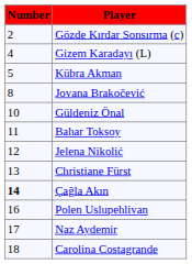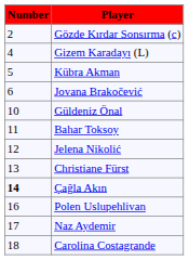 <table bgcolor="#f7f8ff" cellpadding="3" cellspacing="0" border="1" style="font-size: 95%; border: gray solid 1px; border-collapse: collapse;">
 <tr bgcolor="#ff0000">
 <td align=center><strong>Number</strong></td>
 <td align=center><strong>Player</strong></td>
 </tr>
 <tr align="left">
 <td>2</td>
 <td> <a href='#'>Gözde Kırdar Sonsırma</a> (<a href='#'>c</a>)</td>
 </tr>
 <tr align=left>
 <td>4</td>
 <td> <a href='#'>Gizem Karadayı</a> (L)</td>
 </tr>
 <tr align="left">
 <td>5</td>
 <td> <a href='#'>Kübra Akman</a></td>
 </tr>
 <tr align="left">
-<td>8</td>
+<td>6</td>
 <td> <a href='#'>Jovana Brakočević</a></td>
 </tr>
 <tr align="left">
 <td>10</td>
 <td> <a href='#'>Güldeniz Önal</a></td>
 </tr>
 <tr align="left">
 <td>11</td>
 <td> <a href='#'>Bahar Toksoy</a></td>
 </tr>
 <tr align="left">
 <td>12</td>
 <td> <a href='#'>Jelena Nikolić</a></td>
 </tr>
 <tr align="left">
 <td>13</td>
 <td> <a href='#'>Christiane Fürst</a></td>
 </tr>
 <tr align="left">
 <td><strong>14</strong></td>
 <td> <a href='#'>Çağla Akın</a></td>
 </tr>
 <tr align="left">
 <td>16</td>
 <td> <a href='#'>Polen Uslupehlivan</a></td>
 </tr>
 <tr align="left">
 <td>17</td>
 <td> <a href='#'>Naz Aydemir</a></td>
 </tr>
 <tr align="left">
 <td>18</td>
 <td> <a href='#'>Carolina Costagrande</a></td>
 </tr>
 </table>
